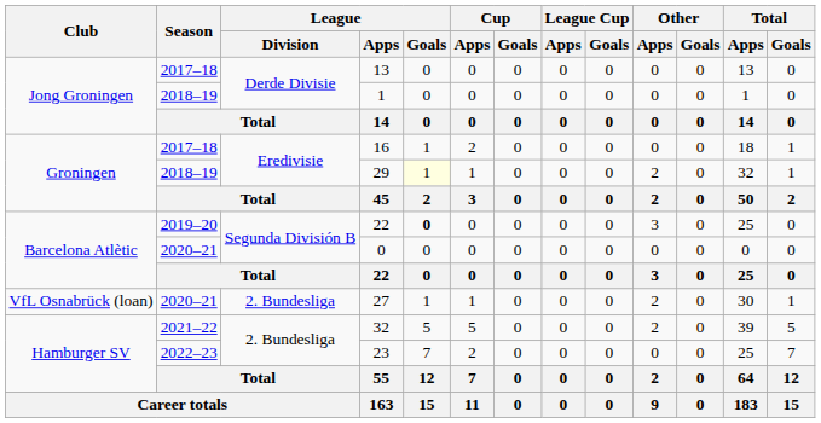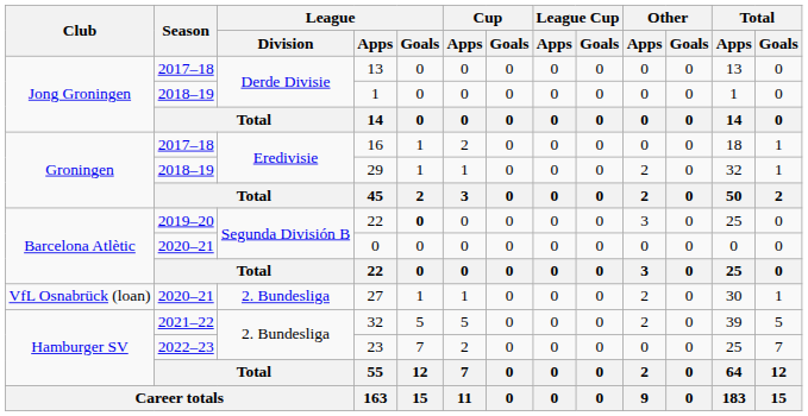 <table class="wikitable" style="text-align:center">
 <tr>
 <th rowspan="2">Club</th>
 <th rowspan="2">Season</th>
 <th colspan="3">League</th>
 <th colspan="2">Cup</th>
 <th colspan="2">League Cup</th>
 <th colspan="2">Other</th>
 <th colspan="2">Total</th>
 </tr>
 <tr>
 <th>Division</th>
 <th>Apps</th>
 <th>Goals</th>
 <th>Apps</th>
 <th>Goals</th>
 <th>Apps</th>
 <th>Goals</th>
 <th>Apps</th>
 <th>Goals</th>
 <th>Apps</th>
 <th>Goals</th>
 </tr>
 <tr>
 <td rowspan="3"><a href='#'>Jong Groningen</a></td>
 <td><a href='#'>2017–18</a></td>
 <td rowspan="2"><a href='#'>Derde Divisie</a></td>
 <td>13</td>
 <td>0</td>
 <td>0</td>
 <td>0</td>
 <td>0</td>
 <td>0</td>
 <td>0</td>
 <td>0</td>
 <td>13</td>
 <td>0</td>
 </tr>
 <tr>
 <td><a href='#'>2018–19</a></td>
 <td>1</td>
 <td>0</td>
 <td>0</td>
 <td>0</td>
 <td>0</td>
 <td>0</td>
 <td>0</td>
 <td>0</td>
 <td>1</td>
 <td>0</td>
 </tr>
 <tr>
 <th colspan="2">Total</th>
 <th>14</th>
 <th>0</th>
 <th>0</th>
 <th>0</th>
 <th>0</th>
 <th>0</th>
 <th>0</th>
 <th>0</th>
 <th>14</th>
 <th>0</th>
 </tr>
 <tr>
 <td rowspan="3"><a href='#'>Groningen</a></td>
 <td><a href='#'>2017–18</a></td>
 <td rowspan="2"><a href='#'>Eredivisie</a></td>
 <td>16</td>
 <td>1</td>
 <td>2</td>
 <td>0</td>
 <td>0</td>
 <td>0</td>
 <td>0</td>
 <td>0</td>
 <td>18</td>
 <td>1</td>
 </tr>
 <tr>
 <td><a href='#'>2018–19</a></td>
 <td>29</td>
-<td style="background: lightyellow;">1</td>
+<td>1</td>
 <td>1</td>
 <td>0</td>
 <td>0</td>
 <td>0</td>
 <td>2</td>
 <td>0</td>
 <td>32</td>
 <td>1</td>
 </tr>
 <tr>
 <th colspan="2">Total</th>
 <th>45</th>
 <th>2</th>
 <th>3</th>
 <th>0</th>
 <th>0</th>
 <th>0</th>
 <th>2</th>
 <th>0</th>
 <th>50</th>
 <th>2</th>
 </tr>
 <tr>
 <td rowspan="3"><a href='#'>Barcelona Atlètic</a></td>
 <td><a href='#'>2019–20</a></td>
 <td rowspan="2"><a href='#'>Segunda División B</a></td>
 <td>22</td>
 <td><strong>0</strong></td>
 <td>0</td>
 <td>0</td>
 <td>0</td>
 <td>0</td>
 <td>3</td>
 <td>0</td>
 <td>25</td>
 <td>0</td>
 </tr>
 <tr>
 <td><a href='#'>2020–21</a></td>
 <td>0</td>
 <td>0</td>
 <td>0</td>
 <td>0</td>
 <td>0</td>
 <td>0</td>
 <td>0</td>
 <td>0</td>
 <td>0</td>
 <td>0</td>
 </tr>
 <tr>
 <th colspan="2">Total</th>
 <th>22</th>
 <th>0</th>
 <th>0</th>
 <th>0</th>
 <th>0</th>
 <th>0</th>
 <th>3</th>
 <th>0</th>
 <th>25</th>
 <th>0</th>
 </tr>
 <tr>
 <td><a href='#'>VfL Osnabrück</a> (loan)</td>
 <td><a href='#'>2020–21</a></td>
 <td><a href='#'>2. Bundesliga</a></td>
 <td>27</td>
 <td>1</td>
 <td>1</td>
 <td>0</td>
 <td>0</td>
 <td>0</td>
 <td>2</td>
 <td>0</td>
 <td>30</td>
 <td>1</td>
 </tr>
 <tr>
 <td rowspan="3"><a href='#'>Hamburger SV</a></td>
 <td><a href='#'>2021–22</a></td>
 <td rowspan="2">2. Bundesliga</td>
 <td>32</td>
 <td>5</td>
 <td>5</td>
 <td>0</td>
 <td>0</td>
 <td>0</td>
 <td>2</td>
 <td>0</td>
 <td>39</td>
 <td>5</td>
 </tr>
 <tr>
 <td><a href='#'>2022–23</a></td>
 <td>23</td>
 <td>7</td>
 <td>2</td>
 <td>0</td>
 <td>0</td>
 <td>0</td>
 <td>0</td>
 <td>0</td>
 <td>25</td>
 <td>7</td>
 </tr>
 <tr>
 <th colspan="2">Total</th>
 <th>55</th>
 <th>12</th>
 <th>7</th>
 <th>0</th>
 <th>0</th>
 <th>0</th>
 <th>2</th>
 <th>0</th>
 <th>64</th>
 <th>12</th>
 </tr>
 <tr>
 <th colspan="3">Career totals</th>
 <th>163</th>
 <th>15</th>
 <th>11</th>
 <th>0</th>
 <th>0</th>
 <th>0</th>
 <th>9</th>
 <th>0</th>
 <th>183</th>
 <th>15</th>
 </tr>
 </table>
